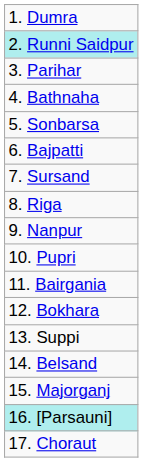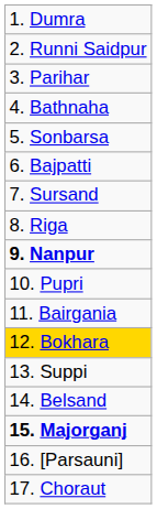 <table class="wikitable">
 <tr>
 <td>1. <a href='#'>Dumra</a></td>
 </tr>
 <tr>
-<td style="background: paleturquoise;">2. <a href='#'>Runni Saidpur</a></td>
+<td>2. <a href='#'>Runni Saidpur</a></td>
 </tr>
 <tr>
 <td>3.	<a href='#'>Parihar</a></td>
 </tr>
 <tr>
 <td>4.	<a href='#'>Bathnaha</a></td>
 </tr>
 <tr>
 <td>5.	<a href='#'>Sonbarsa</a></td>
 </tr>
 <tr>
 <td>6.	<a href='#'>Bajpatti</a></td>
 </tr>
 <tr>
 <td>7.	<a href='#'>Sursand</a></td>
 </tr>
 <tr>
 <td>8.	<a href='#'>Riga</a></td>
 </tr>
 <tr>
-<td>9.	<a href='#'>Nanpur</a></td>
+<td><strong>9.	<a href='#'>Nanpur</a></strong></td>
 </tr>
 <tr>
 <td>10.	<a href='#'>Pupri</a></td>
 </tr>
 <tr>
 <td>11.	<a href='#'>Bairgania</a></td>
 </tr>
 <tr>
-<td>12.	<a href='#'>Bokhara</a></td>
+<td style="background: gold;">12.	<a href='#'>Bokhara</a></td>
 </tr>
 <tr>
 <td>13.	Suppi</td>
 </tr>
 <tr>
 <td>14.	<a href='#'>Belsand</a></td>
 </tr>
 <tr>
-<td>15.	<a href='#'>Majorganj</a></td>
+<td><strong>15.	<a href='#'>Majorganj</a></strong></td>
 </tr>
 <tr>
-<td style="background: paleturquoise;">16.	[Parsauni]</td>
+<td>16.	[Parsauni]</td>
 </tr>
 <tr>
 <td>17. 	<a href='#'>Choraut</a></td>
 </tr>
 </table>
